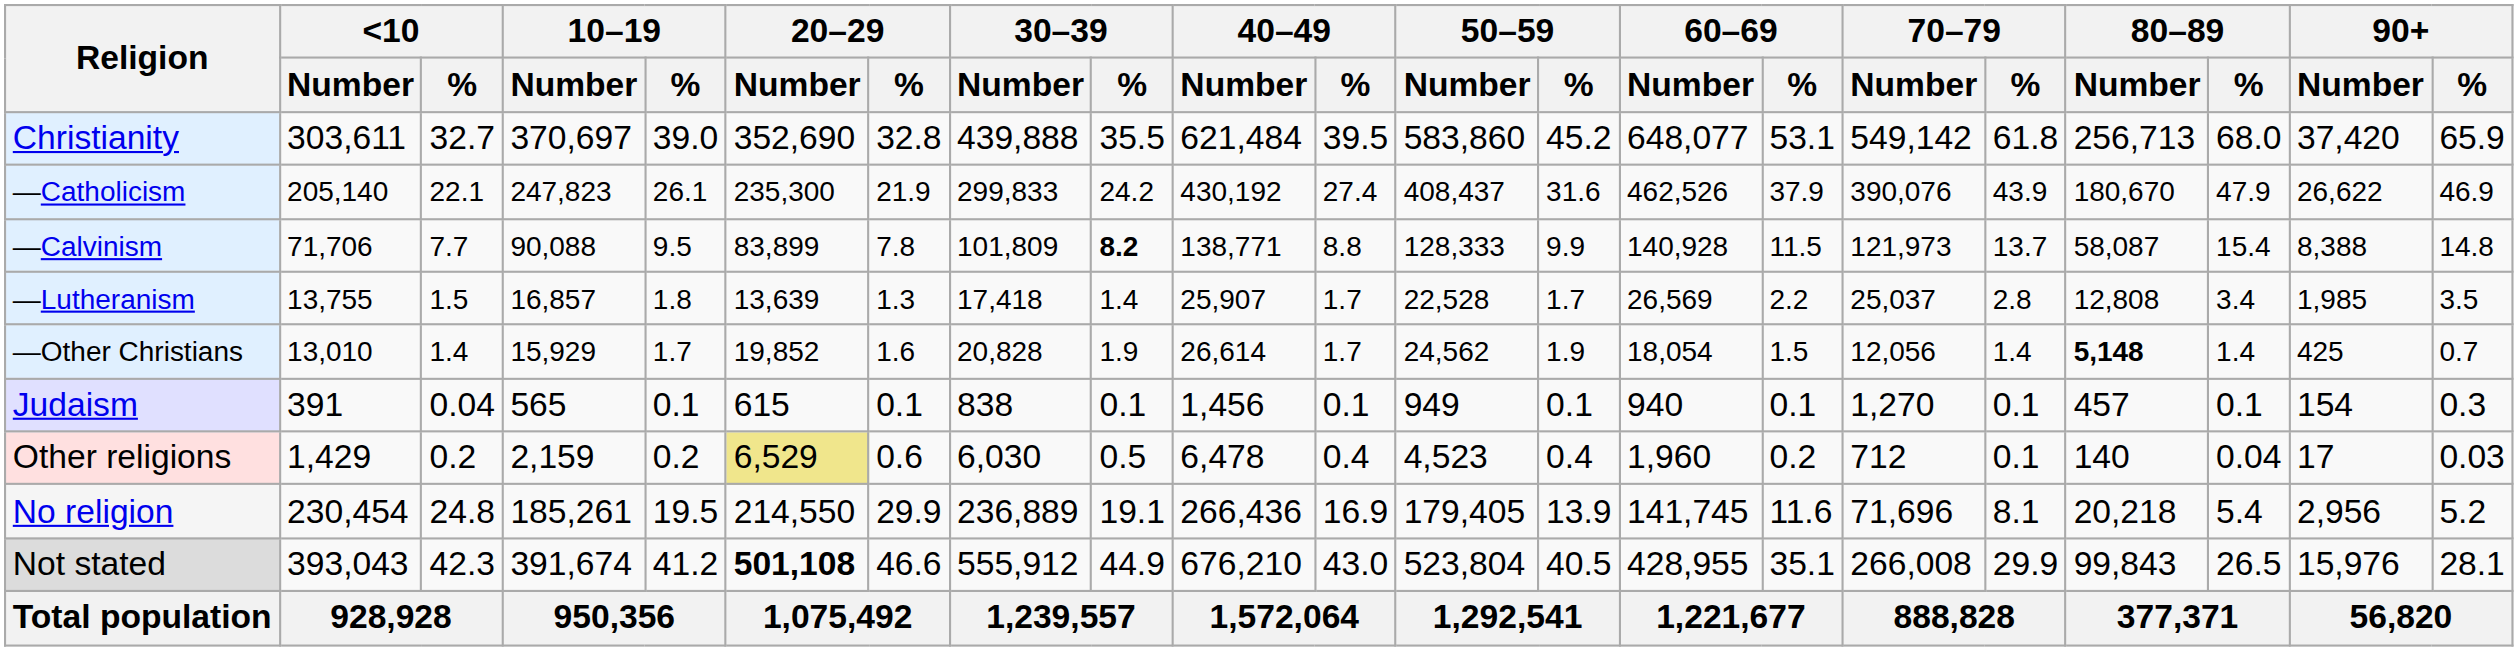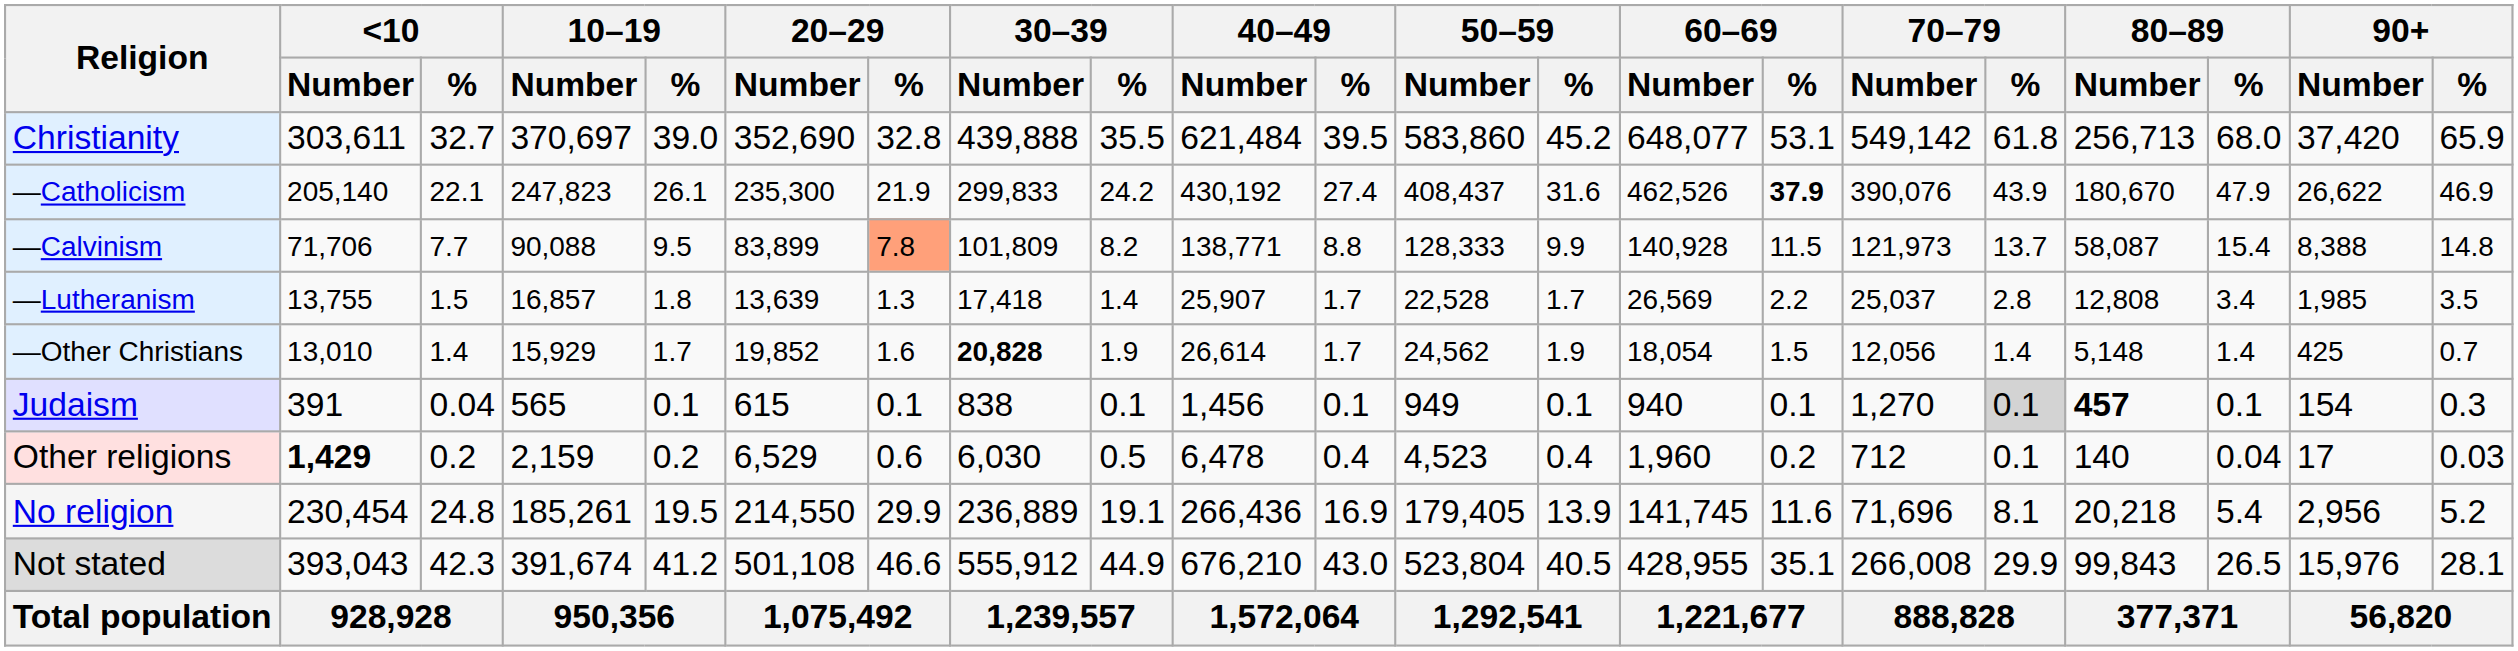 <table class="wikitable sortable">
 <tr>
 <th rowspan="2">Religion</th>
 <th colspan="2"><10</th>
 <th colspan="2">10–19</th>
 <th colspan="2">20–29</th>
 <th colspan="2">30–39</th>
 <th colspan="2">40–49</th>
 <th colspan="2">50–59</th>
 <th colspan="2">60–69</th>
 <th colspan="2">70–79</th>
 <th colspan="2">80–89</th>
 <th colspan="2">90+</th>
 </tr>
 <tr>
 <th>Number</th>
 <th>%</th>
 <th>Number</th>
 <th>%</th>
 <th>Number</th>
 <th>%</th>
 <th>Number</th>
 <th>%</th>
 <th>Number</th>
 <th>%</th>
 <th>Number</th>
 <th>%</th>
 <th>Number</th>
 <th>%</th>
 <th>Number</th>
 <th>%</th>
 <th>Number</th>
 <th>%</th>
 <th>Number</th>
 <th>%</th>
 </tr>
 <tr>
 <td style="background:#E0F0FF;"><a href='#'>Christianity</a></td>
 <td>303,611</td>
 <td>32.7</td>
 <td>370,697</td>
 <td>39.0</td>
 <td>352,690</td>
 <td>32.8</td>
 <td>439,888</td>
 <td>35.5</td>
 <td>621,484</td>
 <td>39.5</td>
 <td>583,860</td>
 <td>45.2</td>
 <td>648,077</td>
 <td>53.1</td>
 <td>549,142</td>
 <td>61.8</td>
 <td>256,713</td>
 <td>68.0</td>
 <td>37,420</td>
 <td>65.9</td>
 </tr>
 <tr>
 <td style="background:#E0F0FF;"><small>—<a href='#'>Catholicism</a></small></td>
 <td><small>205,140</small></td>
 <td><small>22.1</small></td>
 <td><small>247,823</small></td>
 <td><small>26.1</small></td>
 <td><small>235,300</small></td>
 <td><small>21.9</small></td>
 <td><small>299,833</small></td>
 <td><small>24.2</small></td>
 <td><small>430,192</small></td>
 <td><small>27.4</small></td>
 <td><small>408,437</small></td>
 <td><small>31.6</small></td>
 <td><small>462,526</small></td>
-<td><small>37.9</small></td>
+<td><strong><small>37.9</small></strong></td>
 <td><small>390,076</small></td>
 <td><small>43.9</small></td>
 <td><small>180,670</small></td>
 <td><small>47.9</small></td>
 <td><small>26,622</small></td>
 <td><small>46.9</small></td>
 </tr>
 <tr>
 <td style="background:#E0F0FF;"><small>—<a href='#'>Calvinism</a></small></td>
 <td><small>71,706</small></td>
 <td><small>7.7</small></td>
 <td><small>90,088</small></td>
 <td><small>9.5</small></td>
 <td><small>83,899</small></td>
-<td><small>7.8</small></td>
+<td style="background: lightsalmon;"><small>7.8</small></td>
 <td><small>101,809</small></td>
-<td><strong><small>8.2</small></strong></td>
+<td><small>8.2</small></td>
 <td><small>138,771</small></td>
 <td><small>8.8</small></td>
 <td><small>128,333</small></td>
 <td><small>9.9</small></td>
 <td><small>140,928</small></td>
 <td><small>11.5</small></td>
 <td><small>121,973</small></td>
 <td><small>13.7</small></td>
 <td><small>58,087</small></td>
 <td><small>15.4</small></td>
 <td><small>8,388</small></td>
 <td><small>14.8</small></td>
 </tr>
 <tr>
 <td style="background:#E0F0FF;"><small>—<a href='#'>Lutheranism</a></small></td>
 <td><small>13,755</small></td>
 <td><small>1.5</small></td>
 <td><small>16,857</small></td>
 <td><small>1.8</small></td>
 <td><small>13,639</small></td>
 <td><small>1.3</small></td>
 <td><small>17,418</small></td>
 <td><small>1.4</small></td>
 <td><small>25,907</small></td>
 <td><small>1.7</small></td>
 <td><small>22,528</small></td>
 <td><small>1.7</small></td>
 <td><small>26,569</small></td>
 <td><small>2.2</small></td>
 <td><small>25,037</small></td>
 <td><small>2.8</small></td>
 <td><small>12,808</small></td>
 <td><small>3.4</small></td>
 <td><small>1,985</small></td>
 <td><small>3.5</small></td>
 </tr>
 <tr>
 <td style="background:#E0F0FF;"><small>—Other Christians</small></td>
 <td><small>13,010</small></td>
 <td><small>1.4</small></td>
 <td><small>15,929</small></td>
 <td><small>1.7</small></td>
 <td><small>19,852</small></td>
 <td><small>1.6</small></td>
-<td><small>20,828</small></td>
+<td><strong><small>20,828</small></strong></td>
 <td><small>1.9</small></td>
 <td><small>26,614</small></td>
 <td><small>1.7</small></td>
 <td><small>24,562</small></td>
 <td><small>1.9</small></td>
 <td><small>18,054</small></td>
 <td><small>1.5</small></td>
 <td><small>12,056</small></td>
 <td><small>1.4</small></td>
-<td><strong><small>5,148</small></strong></td>
+<td><small>5,148</small></td>
 <td><small>1.4</small></td>
 <td><small>425</small></td>
 <td><small>0.7</small></td>
 </tr>
 <tr>
 <td style="background:#E0E0FF;"><a href='#'>Judaism</a></td>
 <td>391</td>
 <td>0.04</td>
 <td>565</td>
 <td>0.1</td>
 <td>615</td>
 <td>0.1</td>
 <td>838</td>
 <td>0.1</td>
 <td>1,456</td>
 <td>0.1</td>
 <td>949</td>
 <td>0.1</td>
 <td>940</td>
 <td>0.1</td>
 <td>1,270</td>
-<td>0.1</td>
-<td>457</td>
+<td style="background: lightgrey;">0.1</td>
+<td><strong>457</strong></td>
 <td>0.1</td>
 <td>154</td>
 <td>0.3</td>
 </tr>
 <tr>
 <td style="background:#FFE0E0;">Other religions</td>
-<td>1,429</td>
+<td><strong>1,429</strong></td>
 <td>0.2</td>
 <td>2,159</td>
 <td>0.2</td>
-<td style="background: khaki;">6,529</td>
+<td>6,529</td>
 <td>0.6</td>
 <td>6,030</td>
 <td>0.5</td>
 <td>6,478</td>
 <td>0.4</td>
 <td>4,523</td>
 <td>0.4</td>
 <td>1,960</td>
 <td>0.2</td>
 <td>712</td>
 <td>0.1</td>
 <td>140</td>
 <td>0.04</td>
 <td>17</td>
 <td>0.03</td>
 </tr>
 <tr>
 <td style="background:#F5F5F5;"><a href='#'>No religion</a></td>
 <td>230,454</td>
 <td>24.8</td>
 <td>185,261</td>
 <td>19.5</td>
 <td>214,550</td>
 <td>29.9</td>
 <td>236,889</td>
 <td>19.1</td>
 <td>266,436</td>
 <td>16.9</td>
 <td>179,405</td>
 <td>13.9</td>
 <td>141,745</td>
 <td>11.6</td>
 <td>71,696</td>
 <td>8.1</td>
 <td>20,218</td>
 <td>5.4</td>
 <td>2,956</td>
 <td>5.2</td>
 </tr>
 <tr>
 <td style="background:#DCDCDC;">Not stated</td>
 <td>393,043</td>
 <td>42.3</td>
 <td>391,674</td>
 <td>41.2</td>
-<td><strong>501,108</strong></td>
+<td>501,108</td>
 <td>46.6</td>
 <td>555,912</td>
 <td>44.9</td>
 <td>676,210</td>
 <td>43.0</td>
 <td>523,804</td>
 <td>40.5</td>
 <td>428,955</td>
 <td>35.1</td>
 <td>266,008</td>
 <td>29.9</td>
 <td>99,843</td>
 <td>26.5</td>
 <td>15,976</td>
 <td>28.1</td>
 </tr>
 <tr>
 <th>Total population</th>
 <th colspan="2">928,928</th>
 <th colspan="2">950,356</th>
 <th colspan="2">1,075,492</th>
 <th colspan="2">1,239,557</th>
 <th colspan="2">1,572,064</th>
 <th colspan="2">1,292,541</th>
 <th colspan="2">1,221,677</th>
 <th colspan="2">888,828</th>
 <th colspan="2">377,371</th>
 <th colspan="2">56,820</th>
 </tr>
 </table>
